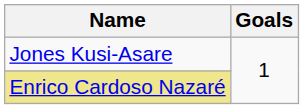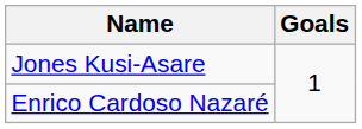 <table class="wikitable">
 <tr>
 <th>Name</th>
 <th>Goals</th>
 </tr>
 <tr>
 <td> <a href='#'>Jones Kusi-Asare</a></td>
 <td rowspan="2" style="text-align:center;">1</td>
 </tr>
 <tr>
-<td style="background: khaki;"> <a href='#'>Enrico Cardoso Nazaré</a></td>
+<td> <a href='#'>Enrico Cardoso Nazaré</a></td>
 </tr>
 </table>
